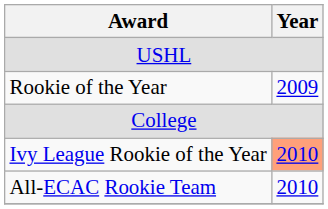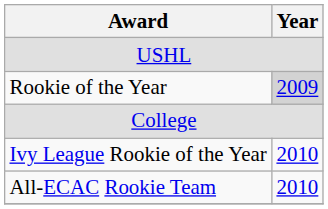 <table class="wikitable">
 <tr>
 <th>Award</th>
 <th>Year</th>
 </tr>
 <tr ALIGN="center" bgcolor="#e0e0e0">
 <td colspan="3"><a href='#'>USHL</a></td>
 </tr>
 <tr>
 <td>Rookie of the Year</td>
-<td><a href='#'>2009</a></td>
+<td style="background: lightgrey;"><a href='#'>2009</a></td>
 </tr>
 <tr ALIGN="center" bgcolor="#e0e0e0">
 <td colspan="3"><a href='#'>College</a></td>
 </tr>
 <tr>
 <td><a href='#'>Ivy League</a> Rookie of the Year</td>
-<td style="background: lightsalmon;"><a href='#'>2010</a></td>
+<td><a href='#'>2010</a></td>
 </tr>
 <tr>
 <td>All-<a href='#'>ECAC</a> <a href='#'>Rookie Team</a></td>
 <td><a href='#'>2010</a></td>
 </tr>
 <tr>
 </tr>
 </table>
